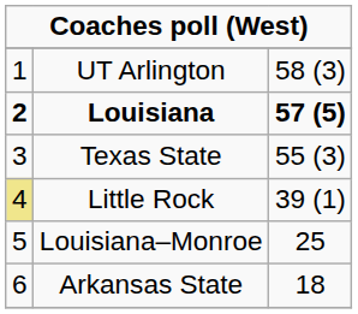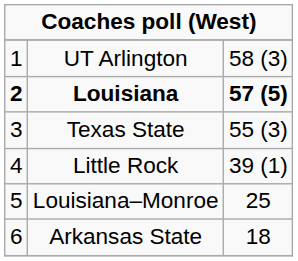 <table class="wikitable">
 <tr align="center">
 <td align="center" Colspan="3"><strong>Coaches poll (West)</strong></td>
 </tr>
 <tr align="center">
 </tr>
 <tr align="center">
 <td>1</td>
 <td>UT Arlington</td>
 <td>58 (3)</td>
 </tr>
 <tr align="center">
 <td><strong>2</strong></td>
 <td><strong>Louisiana</strong></td>
 <td><strong>57 (5)</strong></td>
 </tr>
 <tr align="center">
 <td>3</td>
 <td>Texas State</td>
 <td>55 (3)</td>
 </tr>
 <tr align="center">
-<td style="background: khaki;">4</td>
+<td>4</td>
 <td>Little Rock</td>
 <td>39 (1)</td>
 </tr>
 <tr align="center">
 <td>5</td>
 <td>Louisiana–Monroe</td>
 <td>25</td>
 </tr>
 <tr align="center">
 <td>6</td>
 <td>Arkansas State</td>
 <td>18</td>
 </tr>
 <tr align="center">
 </tr>
 </table>
